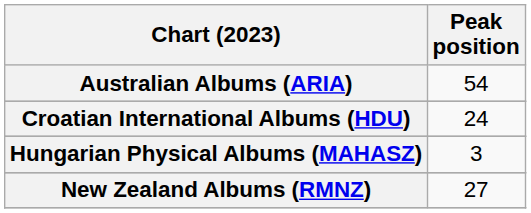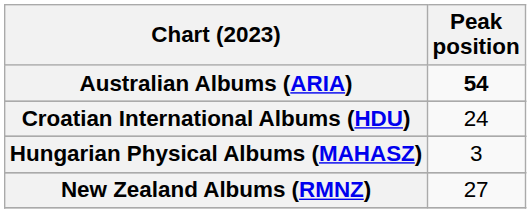 <table class="wikitable sortable plainrowheaders" style="text-align:center">
 <tr>
 <th scope="col">Chart (2023)</th>
 <th scope="col">Peak<br>position</th>
 </tr>
 <tr>
 <th scope="row">Australian Albums (<a href='#'>ARIA</a>)</th>
-<td>54</td>
+<td><strong>54</strong></td>
 </tr>
 <tr>
 </tr>
 <tr>
 <th scope="row">Croatian International Albums (<a href='#'>HDU</a>)</th>
 <td>24</td>
 </tr>
 <tr>
 </tr>
 <tr>
 <th scope="row">Hungarian Physical Albums (<a href='#'>MAHASZ</a>)</th>
 <td>3</td>
 </tr>
 <tr>
 </tr>
 <tr>
 <th scope="row">New Zealand Albums (<a href='#'>RMNZ</a>)</th>
 <td>27</td>
 </tr>
 <tr>
 </tr>
 <tr>
 </tr>
 <tr>
 </tr>
 <tr>
 </tr>
 </table>
